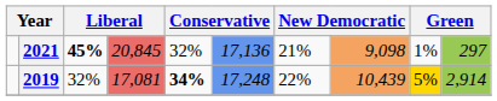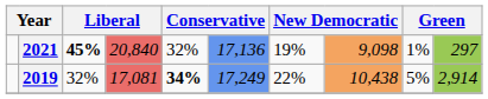 <table class="wikitable" style="float:right; width:400; font-size:90%; margin-left:1em;">
 <tr>
 <th colspan="2" scope="col">Year</th>
 <th colspan="2" scope="col"><a href='#'>Liberal</a></th>
 <th colspan="2" scope="col"><a href='#'>Conservative</a></th>
 <th colspan="2" scope="col"><a href='#'>New Democratic</a></th>
 <th colspan="2" scope="col"><a href='#'>Green</a></th>
 </tr>
 <tr>
 <td style="width: 0.25em; background-color: "></td>
 <th><a href='#'>2021</a></th>
 <td><strong>45%</strong></td>
-<td style="text-align:right; background:#EA6D6A;"><em>20,845</em></td>
+<td style="text-align:right; background:#EA6D6A;"><em>20,840</em></td>
 <td>32%</td>
 <td style="text-align:right; background:#6495ED;"><em>17,136</em></td>
-<td>21%</td>
+<td>19%</td>
 <td style="text-align:right; background:#F4A460;"><em>9,098</em></td>
 <td>1%</td>
 <td style="text-align:right; background:#99C955;"><em>297</em></td>
 </tr>
 <tr>
 <td style="width: 0.25em; background-color: "></td>
 <th><a href='#'>2019</a></th>
 <td>32%</td>
 <td style="text-align:right; background:#EA6D6A;"><em>17,081</em></td>
 <td><strong>34%</strong></td>
-<td style="text-align:right; background:#6495ED;"><em>17,248</em></td>
+<td style="text-align:right; background:#6495ED;"><em>17,249</em></td>
 <td>22%</td>
-<td style="text-align:right; background:#F4A460;"><em>10,439</em></td>
-<td style="background: gold;">5%</td>
+<td style="text-align:right; background:#F4A460;"><em>10,438</em></td>
+<td>5%</td>
 <td style="text-align:right; background:#99C955;"><em>2,914</em></td>
 </tr>
 <tr>
 </tr>
 </table>
